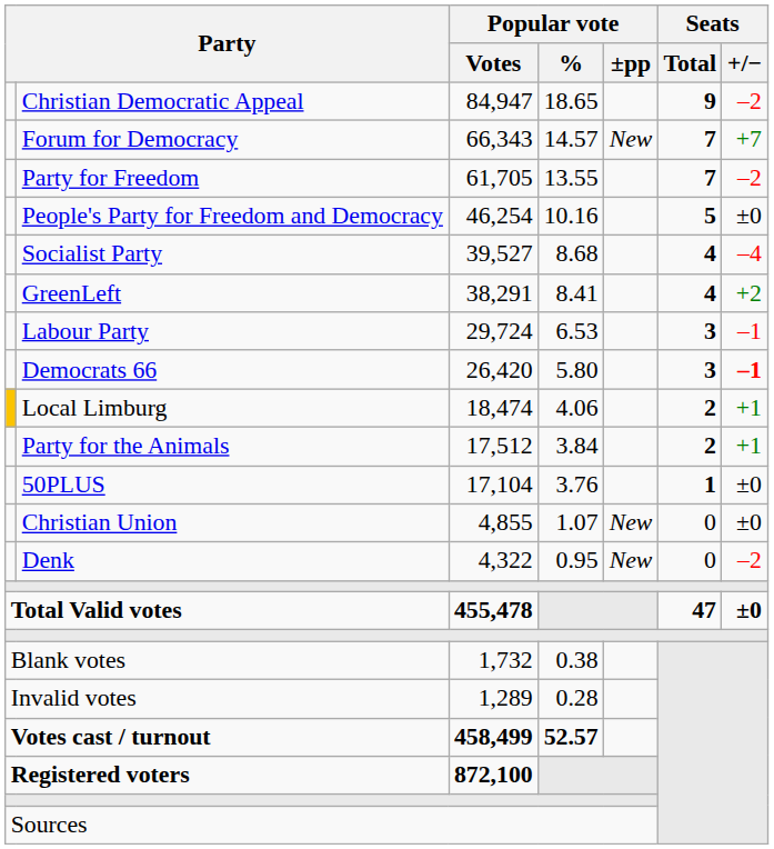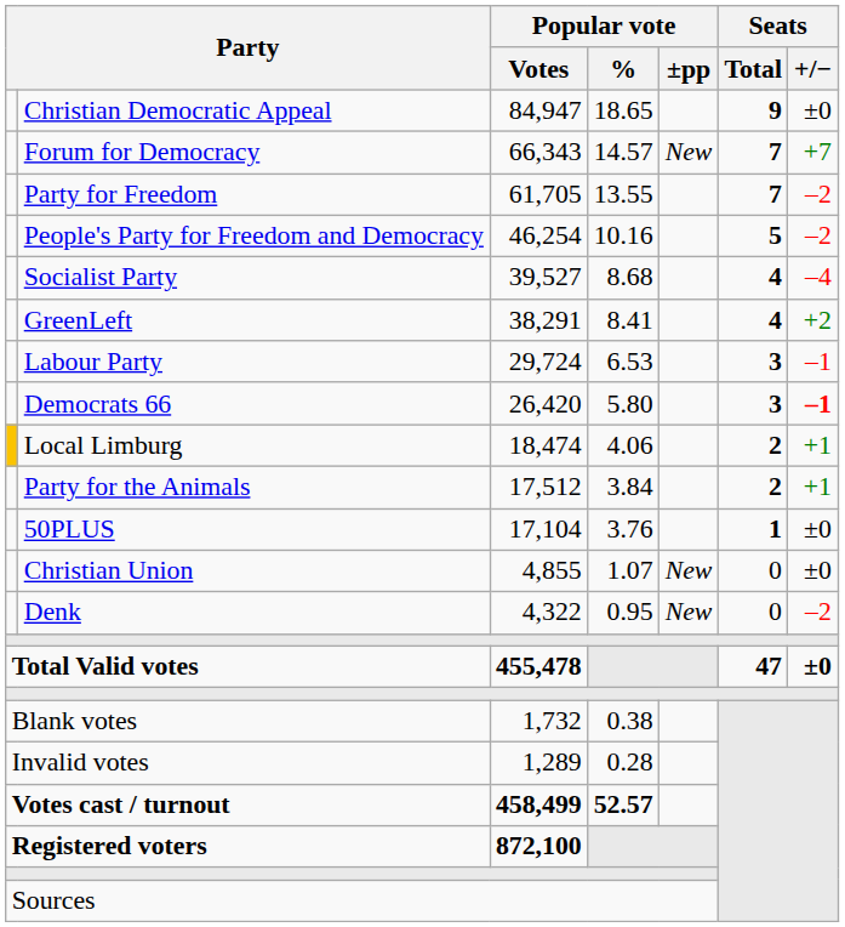 <table class="wikitable" style="text-align:right;">
 <tr>
 <th colspan=2 rowspan=2>Party</th>
 <th colspan=3>Popular vote</th>
 <th colspan=2>Seats</th>
 </tr>
 <tr>
 <th>Votes</th>
 <th>%</th>
 <th>±pp</th>
 <th>Total</th>
 <th>+/−</th>
 </tr>
 <tr>
 <td style="color:inherit;background:"></td>
 <td align="left"><a href='#'>Christian Democratic Appeal</a></td>
 <td>84,947</td>
 <td>18.65</td>
 <td></td>
 <td><strong>9</strong></td>
-<td style="color:red;">–2</td>
+<td>±0</td>
 </tr>
 <tr>
 <td style="color:inherit;background:"></td>
 <td align="left"><a href='#'>Forum for Democracy</a></td>
 <td>66,343</td>
 <td>14.57</td>
 <td><em>New</em></td>
 <td><strong>7</strong></td>
 <td style="color:green;">+7</td>
 </tr>
 <tr>
 <td style="color:inherit;background:"></td>
 <td align="left"><a href='#'>Party for Freedom</a></td>
 <td>61,705</td>
 <td>13.55</td>
 <td></td>
 <td><strong>7</strong></td>
 <td style="color:red;">–2</td>
 </tr>
 <tr>
 <td style="color:inherit;background:"></td>
 <td align="left"><a href='#'>People's Party for Freedom and Democracy</a></td>
 <td>46,254</td>
 <td>10.16</td>
 <td></td>
 <td><strong>5</strong></td>
-<td>±0</td>
+<td style="color:red;">–2</td>
 </tr>
 <tr>
 <td style="color:inherit;background:"></td>
 <td align="left"><a href='#'>Socialist Party</a></td>
 <td>39,527</td>
 <td>8.68</td>
 <td></td>
 <td><strong>4</strong></td>
 <td style="color:red;">–4</td>
 </tr>
 <tr>
 <td style="color:inherit;background:"></td>
 <td align="left"><a href='#'>GreenLeft</a></td>
 <td>38,291</td>
 <td>8.41</td>
 <td></td>
 <td><strong>4</strong></td>
 <td style="color:green;">+2</td>
 </tr>
 <tr>
 <td style="color:inherit;background:"></td>
 <td align="left"><a href='#'>Labour Party</a></td>
 <td>29,724</td>
 <td>6.53</td>
 <td></td>
 <td><strong>3</strong></td>
 <td style="color:red;">–1</td>
 </tr>
 <tr>
 <td style="color:inherit;background:"></td>
 <td align="left"><a href='#'>Democrats 66</a></td>
 <td>26,420</td>
 <td>5.80</td>
 <td></td>
 <td><strong>3</strong></td>
 <td style="color:red;"><strong>–1</strong></td>
 </tr>
 <tr>
 <td style="color:inherit;background:#fbc400"></td>
 <td align="left">Local Limburg</td>
 <td>18,474</td>
 <td>4.06</td>
 <td></td>
 <td><strong>2</strong></td>
 <td style="color:green;">+1</td>
 </tr>
 <tr>
 <td style="color:inherit;background:"></td>
 <td align="left"><a href='#'>Party for the Animals</a></td>
 <td>17,512</td>
 <td>3.84</td>
 <td></td>
 <td><strong>2</strong></td>
 <td style="color:green;">+1</td>
 </tr>
 <tr>
 <td style="color:inherit;background:"></td>
 <td align="left"><a href='#'>50PLUS</a></td>
 <td>17,104</td>
 <td>3.76</td>
 <td></td>
 <td><strong>1</strong></td>
 <td>±0</td>
 </tr>
 <tr>
 <td style="color:inherit;background:"></td>
 <td align="left"><a href='#'>Christian Union</a></td>
 <td>4,855</td>
 <td>1.07</td>
 <td><em>New</em></td>
 <td>0</td>
 <td>±0</td>
 </tr>
 <tr>
 <td style="color:inherit;background:"></td>
 <td align="left"><a href='#'>Denk</a></td>
 <td>4,322</td>
 <td>0.95</td>
 <td><em>New</em></td>
 <td>0</td>
 <td style="color:red;">–2</td>
 </tr>
 <tr>
 <td colspan="7" style="color:inherit;background:#E9E9E9"></td>
 </tr>
 <tr style="font-weight:bold;">
 <td align="left" colspan="2">Total Valid votes</td>
 <td>455,478</td>
 <td bgcolor="#E9E9E9" colspan="2"></td>
 <td>47</td>
 <td>±0</td>
 </tr>
 <tr>
 <td colspan="7" style="color:inherit;background:#E9E9E9"></td>
 </tr>
 <tr>
 <td align="left" colspan="2">Blank votes</td>
 <td>1,732</td>
 <td>0.38</td>
 <td></td>
 <td bgcolor="#E9E9E9" colspan="2" rowspan="6"></td>
 </tr>
 <tr>
 <td align="left" colspan="2">Invalid votes</td>
 <td>1,289</td>
 <td>0.28</td>
 <td></td>
 </tr>
 <tr style="font-weight:bold;">
 <td align="left" colspan="2">Votes cast / turnout</td>
 <td>458,499</td>
 <td>52.57</td>
 <td></td>
 </tr>
 <tr style="font-weight:bold;">
 <td align="left" colspan="2">Registered voters</td>
 <td>872,100</td>
 <td bgcolor="#E9E9E9" colspan="2"></td>
 </tr>
 <tr>
 <td colspan="7" style="color:inherit;background:#E9E9E9"></td>
 </tr>
 <tr>
 <td align="left" colspan="7">Sources </td>
 </tr>
 </table>
